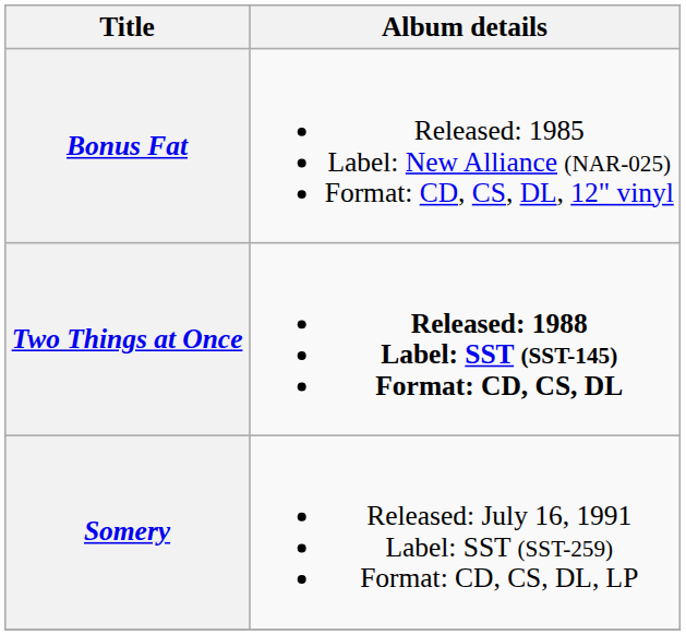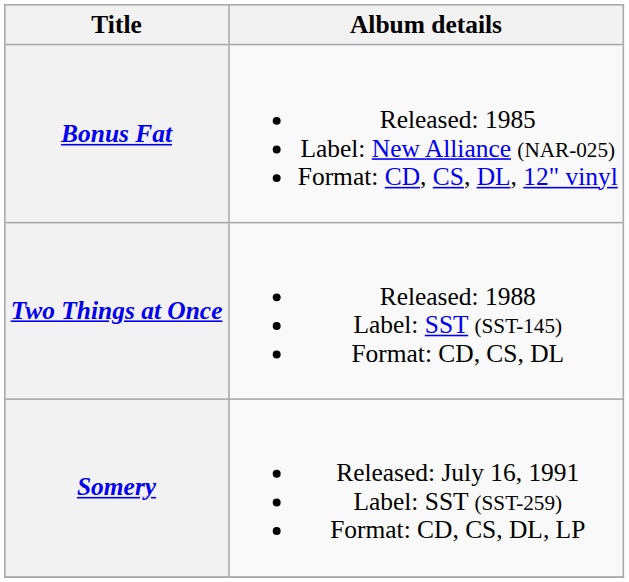 <table class="wikitable plainrowheaders" style="text-align:center;">
 <tr>
 <th scope="col" rowspan="1">Title</th>
 <th scope="col" rowspan="1">Album details</th>
 </tr>
 <tr>
 <th scope="row"><strong><em><a href='#'>Bonus Fat</a></em></strong></th>
 <td><br><ul><li>Released: 1985</li><li>Label: <a href='#'>New Alliance</a> <small>(NAR-025)</small></li><li>Format: <a href='#'>CD</a>, <a href='#'>CS</a>, <a href='#'>DL</a>, <a href='#'>12" vinyl</a></li></ul></td>
 </tr>
 <tr>
 <th scope="row"><strong><em><a href='#'>Two Things at Once</a></em></strong></th>
-<td><strong><br><ul><li>Released: 1988</li><li>Label: <a href='#'>SST</a> <small>(SST-145)</small></li><li>Format: CD, CS, DL</li></ul></strong></td>
+<td><br><ul><li>Released: 1988</li><li>Label: <a href='#'>SST</a> <small>(SST-145)</small></li><li>Format: CD, CS, DL</li></ul></td>
 </tr>
 <tr>
 <th scope="row"><strong><em><a href='#'>Somery</a></em></strong></th>
 <td><br><ul><li>Released: July 16, 1991</li><li>Label: SST <small>(SST-259)</small></li><li>Format: CD, CS, DL, LP</li></ul></td>
 </tr>
 <tr>
 </tr>
 </table>
